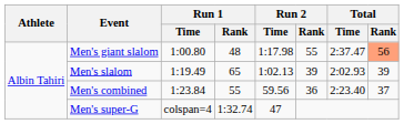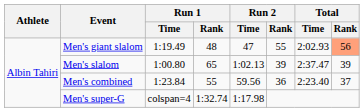 <table class="wikitable" style="font-size:90%">
 <tr>
 <th rowspan=2>Athlete</th>
 <th rowspan=2>Event</th>
 <th colspan=2>Run 1</th>
 <th colspan=2>Run 2</th>
 <th colspan=2>Total</th>
 </tr>
 <tr style="font-size:95%">
 <th>Time</th>
 <th>Rank</th>
 <th>Time</th>
 <th>Rank</th>
 <th>Time</th>
 <th>Rank</th>
 </tr>
 <tr align=center>
 <td align=left rowspan=4><a href='#'>Albin Tahiri</a></td>
 <td align=left><a href='#'>Men's giant slalom</a></td>
-<td>1:00.80</td>
+<td>1:19.49</td>
 <td>48</td>
-<td>1:17.98</td>
+<td>47</td>
 <td>55</td>
-<td>2:37.47</td>
+<td>2:02.93</td>
 <td style="background: lightsalmon;">56</td>
 </tr>
 <tr align=center>
 <td align=left><a href='#'>Men's slalom</a></td>
-<td>1:19.49</td>
+<td>1:00.80</td>
 <td>65</td>
 <td>1:02.13</td>
 <td>39</td>
-<td>2:02.93</td>
+<td>2:37.47</td>
 <td>39</td>
 </tr>
 <tr align=center>
 <td align=left><a href='#'>Men's combined</a></td>
 <td>1:23.84</td>
 <td>55</td>
 <td>59.56</td>
 <td>36</td>
 <td>2:23.40</td>
 <td>37</td>
 </tr>
 <tr align=center>
 <td align=left><a href='#'>Men's super-G</a></td>
 <td>colspan=4 </td>
 <td>1:32.74</td>
-<td>47</td>
+<td>1:17.98</td>
 </tr>
 </table>
